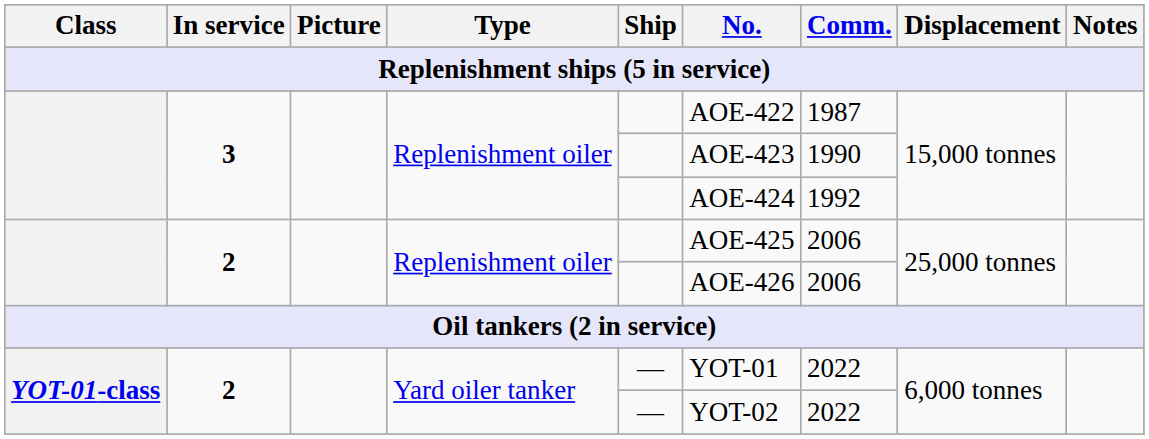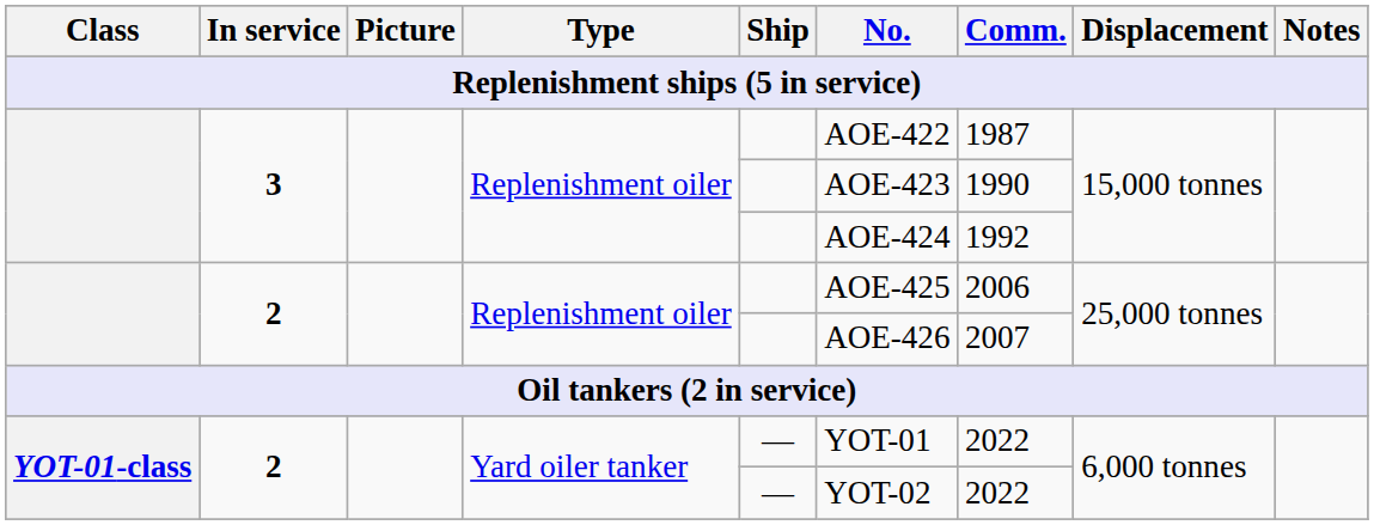 <table class="wikitable">
 <tr>
 <th>Class</th>
 <th>In service</th>
 <th>Picture</th>
 <th>Type</th>
 <th>Ship</th>
 <th><a href='#'>No.</a></th>
 <th><a href='#'>Comm.</a></th>
 <th>Displacement</th>
 <th>Notes</th>
 </tr>
 <tr>
 <th colspan="9" style="background: lavender;"><strong>Replenishment ships (5 in service)</strong></th>
 </tr>
 <tr>
 <th rowspan="3" style="text-align: left;"></th>
 <td rowspan="3" style="text-align: center;"><strong>3</strong></td>
 <td rowspan="3"></td>
 <td rowspan="3"><a href='#'>Replenishment oiler</a></td>
 <td></td>
 <td>AOE-422</td>
 <td>1987</td>
 <td rowspan="3">15,000 tonnes</td>
 <td rowspan="3"></td>
 </tr>
 <tr>
 <td></td>
 <td>AOE-423</td>
 <td>1990</td>
 </tr>
 <tr>
 <td></td>
 <td>AOE-424</td>
 <td>1992</td>
 </tr>
 <tr>
 <th rowspan="2" style="text-align: left;"></th>
 <td rowspan="2" style="text-align: center;"><strong>2</strong></td>
 <td rowspan="2"></td>
 <td rowspan="2"><a href='#'>Replenishment oiler</a></td>
 <td></td>
 <td>AOE-425</td>
 <td>2006</td>
 <td rowspan="2">25,000 tonnes</td>
 <td rowspan="2"></td>
 </tr>
 <tr>
 <td></td>
 <td>AOE-426</td>
-<td>2006</td>
+<td>2007</td>
 </tr>
 <tr>
 <th colspan="9" style="background: lavender;">Oil tankers (2 in service)</th>
 </tr>
 <tr>
 <th rowspan="2" style="text-align: left;"><a href='#'><em>YOT-01</em>-class</a></th>
 <td rowspan="2" style="text-align: center;"><strong>2</strong></td>
 <td rowspan="2"></td>
 <td rowspan="2"><a href='#'>Yard oiler tanker</a></td>
 <td style="text-align: center;">—</td>
 <td>YOT-01</td>
 <td>2022</td>
 <td rowspan="2">6,000 tonnes</td>
 <td rowspan="2"></td>
 </tr>
 <tr>
 <td style="text-align: center;">—</td>
 <td>YOT-02</td>
 <td>2022</td>
 </tr>
 </table>
